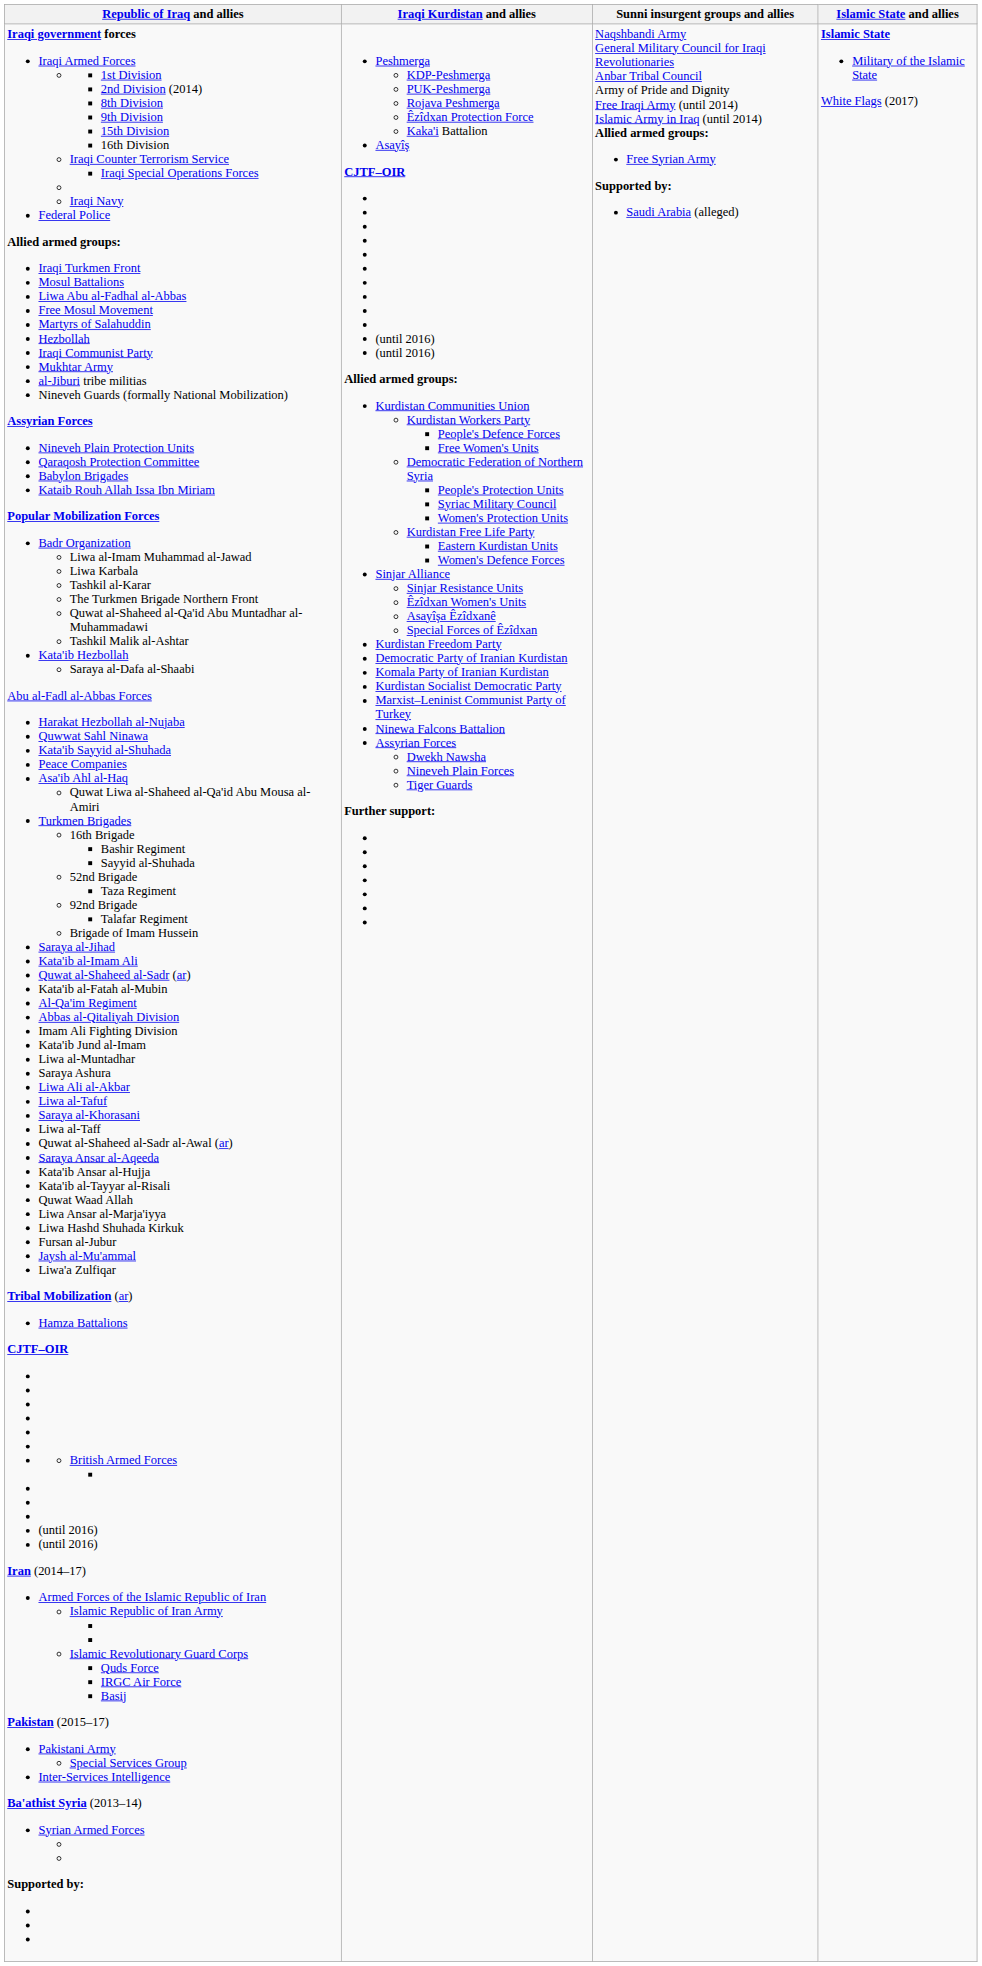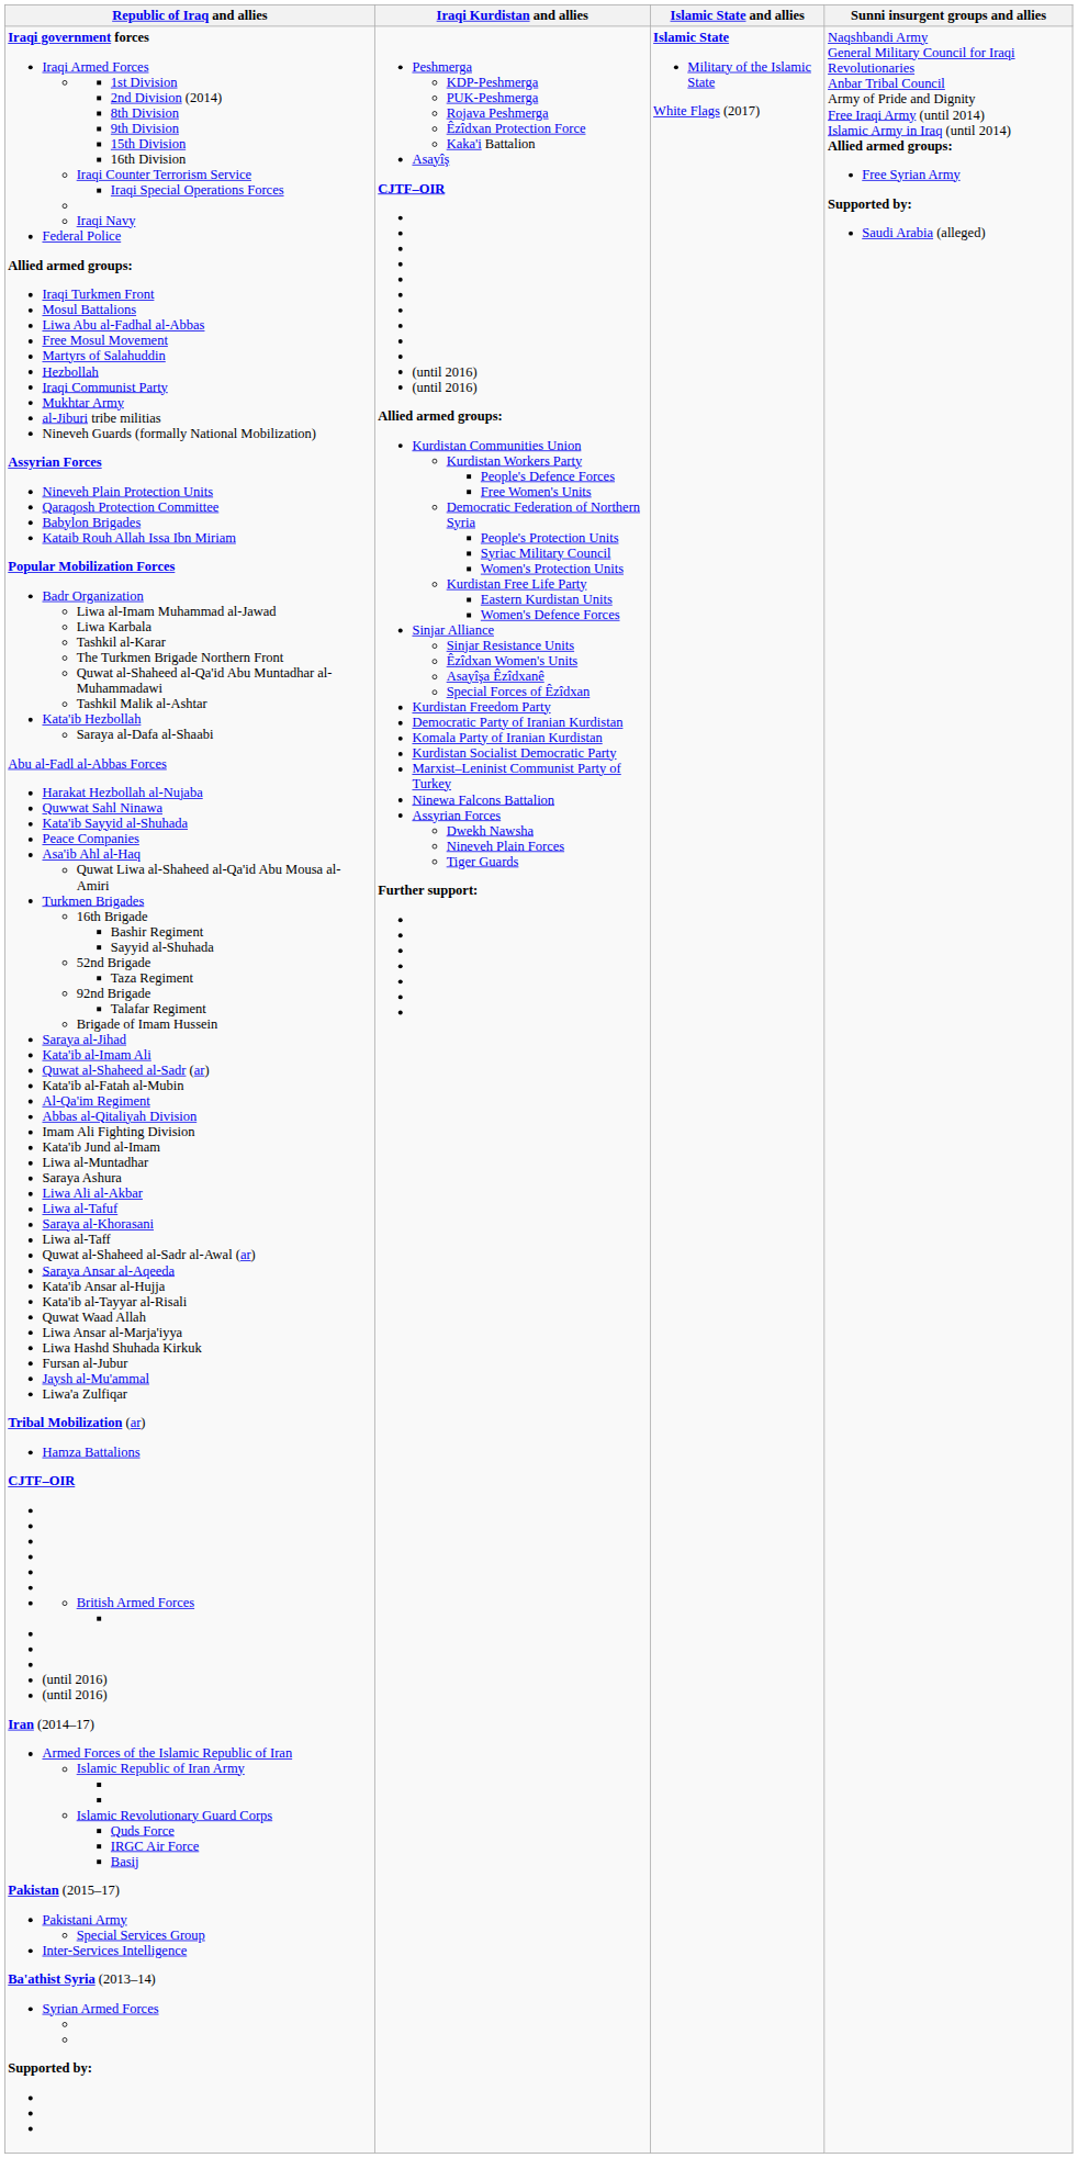 <table class="wikitable">
 <tr>
 <th> <a href='#'>Republic of Iraq</a> and allies</th>
 <th> <a href='#'>Iraqi Kurdistan</a> and allies</th>
+<th> <a href='#'>Islamic State</a> and allies</th>
 <th> Sunni insurgent groups and allies</th>
-<th> <a href='#'>Islamic State</a> and allies</th>
 </tr>
 <tr>
 <td valign=top> <strong><a href='#'>Iraqi government</a> forces</strong><br><ul><li> <a href='#'>Iraqi Armed Forces</a><ul><li><ul><li> <a href='#'>1st Division</a></li><li> <a href='#'>2nd Division</a> (2014)</li><li><a href='#'>8th Division</a></li><li><a href='#'>9th Division</a></li><li><a href='#'>15th Division</a></li><li>16th Division</li></ul></li><li> <a href='#'>Iraqi Counter Terrorism Service</a><ul><li> <a href='#'>Iraqi Special Operations Forces</a></li></ul></li><li></li><li> <a href='#'>Iraqi Navy</a></li></ul></li><li> <a href='#'>Federal Police</a></li></ul><strong>Allied armed groups:</strong><ul><li> <a href='#'>Iraqi Turkmen Front</a></li><li><a href='#'>Mosul Battalions</a></li><li> <a href='#'>Liwa Abu al-Fadhal al-Abbas</a></li><li><a href='#'>Free Mosul Movement</a></li><li><a href='#'>Martyrs of Salahuddin</a></li><li>  <a href='#'>Hezbollah</a></li><li> <a href='#'>Iraqi Communist Party</a></li><li> <a href='#'>Mukhtar Army</a></li><li><a href='#'>al-Jiburi</a> tribe militias</li><li> Nineveh Guards (formally National Mobilization)</li></ul> <strong><a href='#'>Assyrian Forces</a></strong><ul><li> <a href='#'>Nineveh Plain Protection Units</a></li><li><a href='#'>Qaraqosh Protection Committee</a></li><li> <a href='#'>Babylon Brigades</a></li><li><a href='#'>Kataib Rouh Allah Issa Ibn Miriam</a></li></ul> <strong><a href='#'>Popular Mobilization Forces</a></strong><ul><li> <a href='#'>Badr Organization</a><ul><li>Liwa al-Imam Muhammad al-Jawad</li><li>Liwa Karbala</li><li>Tashkil al-Karar</li><li>The Turkmen Brigade Northern Front</li><li>Quwat al-Shaheed al-Qa'id Abu Muntadhar al-Muhammadawi</li><li>Tashkil Malik al-Ashtar</li></ul></li><li> <a href='#'>Kata'ib Hezbollah</a><ul><li>Saraya al-Dafa al-Shaabi</li></ul></li></ul> <a href='#'>Abu al-Fadl al-Abbas Forces</a><ul><li><a href='#'>Harakat Hezbollah al-Nujaba</a></li><li> <a href='#'>Quwwat Sahl Ninawa</a></li><li><a href='#'>Kata'ib Sayyid al-Shuhada</a></li><li> <a href='#'>Peace Companies</a></li><li> <a href='#'>Asa'ib Ahl al-Haq</a><ul><li>Quwat Liwa al-Shaheed al-Qa'id Abu Mousa al-Amiri</li></ul></li><li> <a href='#'>Turkmen Brigades</a><ul><li>16th Brigade<ul><li>Bashir Regiment</li><li>Sayyid al-Shuhada</li></ul></li><li>52nd Brigade<ul><li>Taza Regiment</li></ul></li><li>92nd Brigade<ul><li>Talafar Regiment</li></ul></li><li>Brigade of Imam Hussein</li></ul></li><li><a href='#'>Saraya al-Jihad</a></li><li><a href='#'>Kata'ib al-Imam Ali</a></li><li><a href='#'>Quwat al-Shaheed al-Sadr</a> (<a href='#'>ar</a>)</li><li>Kata'ib al-Fatah al-Mubin</li><li><a href='#'>Al-Qa'im Regiment</a></li><li><a href='#'>Abbas al-Qitaliyah Division</a></li><li>Imam Ali Fighting Division</li><li>Kata'ib Jund al-Imam</li><li>Liwa al-Muntadhar</li><li>Saraya Ashura</li><li><a href='#'>Liwa Ali al-Akbar</a></li><li><a href='#'>Liwa al-Tafuf</a></li><li><a href='#'>Saraya al-Khorasani</a></li><li>Liwa al-Taff</li><li>Quwat al-Shaheed al-Sadr al-Awal (<a href='#'>ar</a>)</li><li><a href='#'>Saraya Ansar al-Aqeeda</a></li><li>Kata'ib Ansar al-Hujja</li><li>Kata'ib al-Tayyar al-Risali</li><li>Quwat Waad Allah</li><li>Liwa Ansar al-Marja'iyya</li><li>Liwa Hashd Shuhada Kirkuk</li><li>Fursan al-Jubur</li><li><a href='#'>Jaysh al-Mu'ammal</a></li><li>Liwa'a Zulfiqar</li></ul> <strong><a href='#'>Tribal Mobilization</a></strong> (<a href='#'>ar</a>)<ul><li> <a href='#'>Hamza Battalions</a></li></ul> <strong><a href='#'>CJTF–OIR</a></strong><ul><li></li><li></li><li></li><li></li><li></li><li></li><li><ul><li> <a href='#'>British Armed Forces</a><ul><li></li></ul></li></ul></li><li></li><li></li><li></li><li> (until 2016)</li><li> (until 2016)</li></ul> <strong><a href='#'>Iran</a></strong> (2014–17)<ul><li> <a href='#'>Armed Forces of the Islamic Republic of Iran</a><ul><li> <a href='#'>Islamic Republic of Iran Army</a><ul><li></li><li></li></ul></li><li> <a href='#'>Islamic Revolutionary Guard Corps</a><ul><li> <a href='#'>Quds Force</a></li><li> <a href='#'>IRGC Air Force</a></li><li> <a href='#'>Basij</a></li></ul></li></ul></li></ul> <strong><a href='#'>Pakistan</a></strong> (2015–17)<ul><li> <a href='#'>Pakistani Army</a><ul><li> <a href='#'>Special Services Group</a></li></ul></li><li> <a href='#'>Inter-Services Intelligence</a></li></ul> <strong><a href='#'>Ba'athist Syria</a></strong> (2013–14)<ul><li> <a href='#'>Syrian Armed Forces</a><ul><li></li><li></li></ul></li></ul><strong>Supported by:</strong><ul><li></li><li></li><li></li></ul></td>
 <td valign=top><strong></strong><br><ul><li> <a href='#'>Peshmerga</a><ul><li> <a href='#'>KDP-Peshmerga</a></li><li> <a href='#'>PUK-Peshmerga</a></li><li><a href='#'>Rojava Peshmerga</a></li><li> <a href='#'>Êzîdxan Protection Force</a></li><li><a href='#'>Kaka'i</a> Battalion</li></ul></li><li> <a href='#'>Asayîş</a></li></ul> <strong><a href='#'>CJTF–OIR</a></strong><ul><li></li><li></li><li></li><li></li><li></li><li></li><li></li><li></li><li></li><li></li><li> (until 2016)</li><li> (until 2016)</li></ul><strong>Allied armed groups:</strong><ul><li> <a href='#'>Kurdistan Communities Union</a><ul><li> <a href='#'>Kurdistan Workers Party</a><ul><li> <a href='#'>People's Defence Forces</a></li><li> <a href='#'>Free Women's Units</a></li></ul></li><li> <a href='#'>Democratic Federation of Northern Syria</a><ul><li> <a href='#'>People's Protection Units</a></li><li> <a href='#'>Syriac Military Council</a></li><li> <a href='#'>Women's Protection Units</a></li></ul></li><li> <a href='#'>Kurdistan Free Life Party</a><ul><li> <a href='#'>Eastern Kurdistan Units</a></li><li> <a href='#'>Women's Defence Forces</a></li></ul></li></ul></li><li> <a href='#'>Sinjar Alliance</a><ul><li> <a href='#'>Sinjar Resistance Units</a></li><li> <a href='#'>Êzîdxan Women's Units</a></li><li> <a href='#'>Asayîşa Êzîdxanê</a></li><li><a href='#'>Special Forces of Êzîdxan</a></li></ul></li><li> <a href='#'>Kurdistan Freedom Party</a></li><li> <a href='#'>Democratic Party of Iranian Kurdistan</a></li><li> <a href='#'>Komala Party of Iranian Kurdistan</a></li><li><a href='#'>Kurdistan Socialist Democratic Party</a></li><li> <a href='#'>Marxist–Leninist Communist Party of Turkey</a></li><li><a href='#'>Ninewa Falcons Battalion</a></li><li> <a href='#'>Assyrian Forces</a><ul><li><a href='#'>Dwekh Nawsha</a></li><li><a href='#'>Nineveh Plain Forces</a></li><li><a href='#'>Tiger Guards</a></li></ul></li></ul><strong>Further support:</strong><ul><li></li><li></li><li></li><li></li><li></li><li></li><li></li></ul></td>
+<td valign=top><strong> <a href='#'>Islamic State</a></strong><br><ul><li> <a href='#'>Military of the Islamic State</a></li></ul> <a href='#'>White Flags</a> (2017)</td>
 <td valign=top> <a href='#'>Naqshbandi Army</a><br> <a href='#'>General Military Council for Iraqi Revolutionaries</a><br> <a href='#'>Anbar Tribal Council</a><br> Army of Pride and Dignity<br> <a href='#'>Free Iraqi Army</a> (until 2014)<br> <a href='#'>Islamic Army in Iraq</a> (until 2014)<br><strong>Allied armed groups:</strong><br><ul><li> <a href='#'>Free Syrian Army</a></li></ul><strong>Supported by:</strong><ul><li> <a href='#'>Saudi Arabia</a> (alleged)</li></ul></td>
-<td valign=top><strong> <a href='#'>Islamic State</a></strong><br><ul><li> <a href='#'>Military of the Islamic State</a></li></ul> <a href='#'>White Flags</a> (2017)</td>
 </tr>
 </table>
